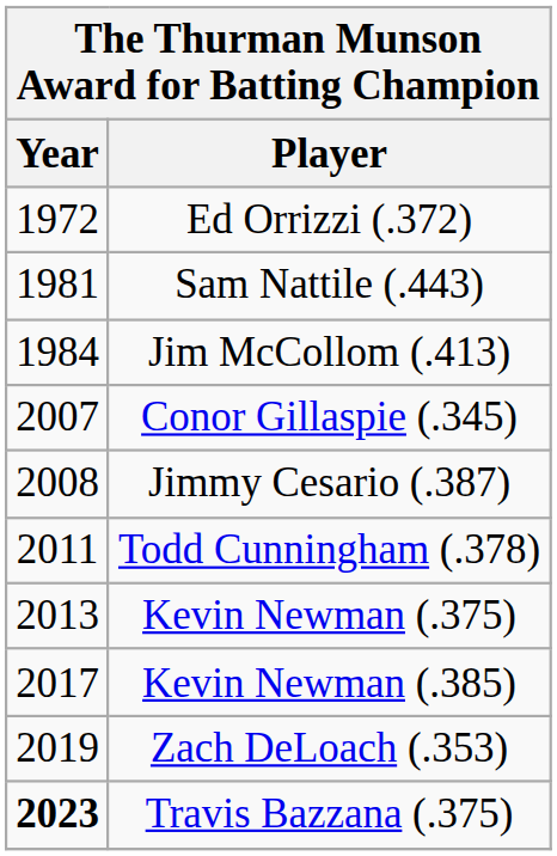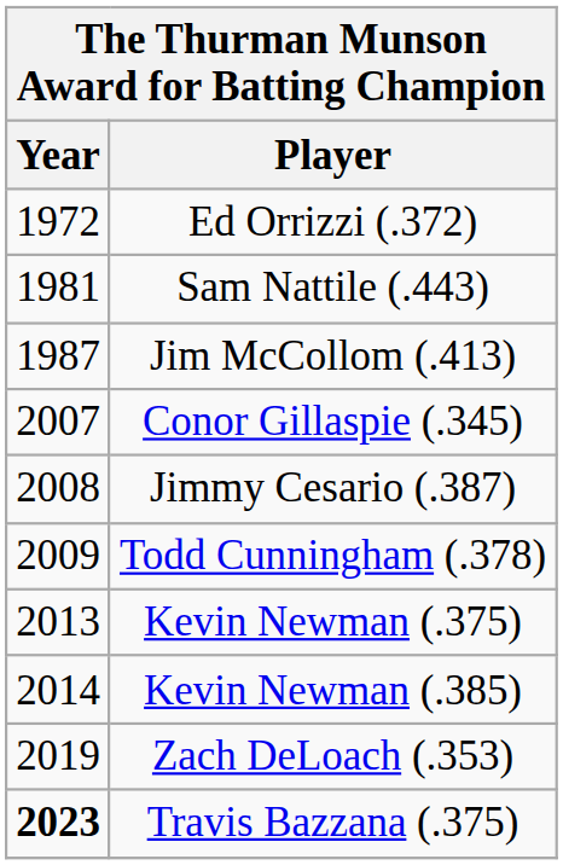 <table class="wikitable" style="display: inline-table; margin-right: 20px; text-align:center">
 <tr>
 <th scope="col" colspan="2" style="width: 145px;">The Thurman Munson Award for Batting Champion</th>
 </tr>
 <tr>
 <th scope="col">Year</th>
 <th scope="col">Player</th>
 </tr>
 <tr>
 <td>1972</td>
 <td>Ed Orrizzi (.372)</td>
 </tr>
 <tr>
 <td>1981</td>
 <td>Sam Nattile (.443)</td>
 </tr>
 <tr>
-<td>1984</td>
+<td>1987</td>
 <td>Jim McCollom (.413)</td>
 </tr>
 <tr>
 <td>2007</td>
 <td><a href='#'>Conor Gillaspie</a> (.345)</td>
 </tr>
 <tr>
 <td>2008</td>
 <td>Jimmy Cesario (.387)</td>
 </tr>
 <tr>
-<td>2011</td>
+<td>2009</td>
 <td><a href='#'>Todd Cunningham</a> (.378)</td>
 </tr>
 <tr>
 <td>2013</td>
 <td><a href='#'>Kevin Newman</a> (.375)</td>
 </tr>
 <tr>
-<td>2017</td>
+<td>2014</td>
 <td><a href='#'>Kevin Newman</a> (.385)</td>
 </tr>
 <tr>
 <td>2019</td>
 <td><a href='#'>Zach DeLoach</a> (.353)</td>
 </tr>
 <tr>
 <td><strong>2023</strong></td>
 <td><a href='#'>Travis Bazzana</a> (.375)</td>
 </tr>
 <tr>
 </tr>
 </table>
